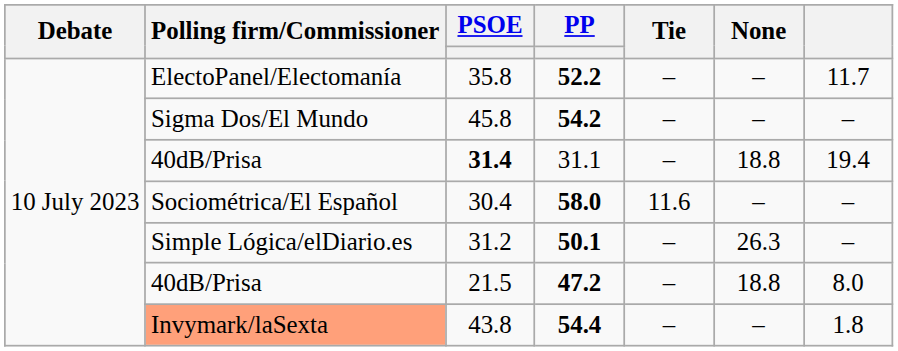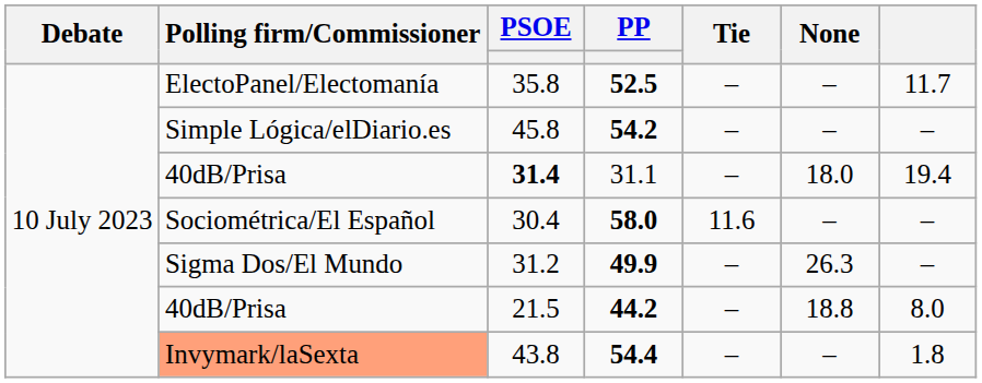 <table class="wikitable" style="font-size:90%; text-align:center;">
 <tr>
 <th rowspan="2">Debate</th>
 <th rowspan="2">Polling firm/Commissioner</th>
 <th style="width:45px;"><a href='#'>PSOE</a></th>
 <th style="width:45px;"><a href='#'>PP</a></th>
 <th style="width:45px;" rowspan="2">Tie</th>
 <th style="width:45px;" rowspan="2">None</th>
 <th style="width:45px;" rowspan="2"></th>
 </tr>
 <tr>
 <th style="color:inherit;background:"></th>
 <th style="color:inherit;background:"></th>
 </tr>
 <tr>
 <td rowspan="7" align="left">10 July 2023</td>
 <td align="left">ElectoPanel/Electomanía</td>
 <td>35.8</td>
-<td><strong>52.2</strong></td>
+<td><strong>52.5</strong></td>
 <td>–</td>
 <td>–</td>
 <td>11.7</td>
 </tr>
 <tr>
-<td align="left">Sigma Dos/El Mundo</td>
+<td align="left">Simple Lógica/elDiario.es</td>
 <td>45.8</td>
 <td><strong>54.2</strong></td>
 <td>–</td>
 <td>–</td>
 <td>–</td>
 </tr>
 <tr>
 <td align="left">40dB/Prisa </td>
 <td><strong>31.4</strong></td>
 <td>31.1</td>
 <td>–</td>
-<td>18.8</td>
+<td>18.0</td>
 <td>19.4</td>
 </tr>
 <tr>
 <td align="left">Sociométrica/El Español</td>
 <td>30.4</td>
 <td><strong>58.0</strong></td>
 <td>11.6</td>
 <td>–</td>
 <td>–</td>
 </tr>
 <tr>
-<td align="left">Simple Lógica/elDiario.es</td>
+<td align="left">Sigma Dos/El Mundo</td>
 <td>31.2</td>
-<td><strong>50.1</strong></td>
+<td><strong>49.9</strong></td>
 <td>–</td>
 <td>26.3</td>
 <td>–</td>
 </tr>
 <tr>
 <td align="left">40dB/Prisa </td>
 <td>21.5</td>
-<td><strong>47.2</strong></td>
+<td><strong>44.2</strong></td>
 <td>–</td>
 <td>18.8</td>
 <td>8.0</td>
 </tr>
 <tr>
 <td align="left" style="background: lightsalmon;">Invymark/laSexta</td>
 <td>43.8</td>
 <td><strong>54.4</strong></td>
 <td>–</td>
 <td>–</td>
 <td>1.8</td>
 </tr>
 </table>
